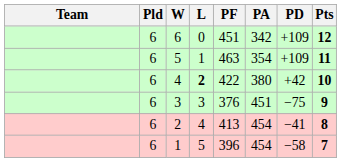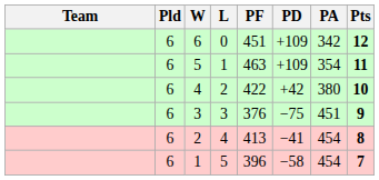 <table class=wikitable>
 <tr align=center>
 <th width=150>Team</th>
 <th width=20>Pld</th>
 <th width=20>W</th>
 <th width=20>L</th>
 <th width=30>PF</th>
+<th width=30>PD</th>
 <th width=30>PA</th>
-<th width=30>PD</th>
 <th width=20>Pts</th>
 </tr>
 <tr align=center bgcolor=#ccffcc>
 <td align=left></td>
 <td>6</td>
 <td>6</td>
 <td>0</td>
 <td>451</td>
+<td>+109</td>
 <td>342</td>
-<td>+109</td>
 <td><strong>12</strong></td>
 </tr>
 <tr align=center bgcolor=#ccffcc>
 <td align=left></td>
 <td>6</td>
 <td>5</td>
 <td>1</td>
 <td>463</td>
+<td>+109</td>
 <td>354</td>
-<td>+109</td>
 <td><strong>11</strong></td>
 </tr>
 <tr align=center bgcolor=#ccffcc>
 <td align=left></td>
 <td>6</td>
 <td>4</td>
-<td><strong>2</strong></td>
+<td>2</td>
 <td>422</td>
+<td>+42</td>
 <td>380</td>
-<td>+42</td>
 <td><strong>10</strong></td>
 </tr>
 <tr align=center bgcolor=#ccffcc>
 <td align=left></td>
 <td>6</td>
 <td>3</td>
 <td>3</td>
 <td>376</td>
+<td>−75</td>
 <td>451</td>
-<td>−75</td>
 <td><strong>9</strong></td>
 </tr>
 <tr align=center bgcolor=#ffcccc>
 <td align=left></td>
 <td>6</td>
 <td>2</td>
 <td>4</td>
 <td>413</td>
+<td>−41</td>
 <td>454</td>
-<td>−41</td>
 <td><strong>8</strong></td>
 </tr>
 <tr align=center bgcolor=#ffcccc>
 <td align=left></td>
 <td>6</td>
 <td>1</td>
 <td>5</td>
 <td>396</td>
+<td>−58</td>
 <td>454</td>
-<td>−58</td>
 <td><strong>7</strong></td>
 </tr>
 </table>
